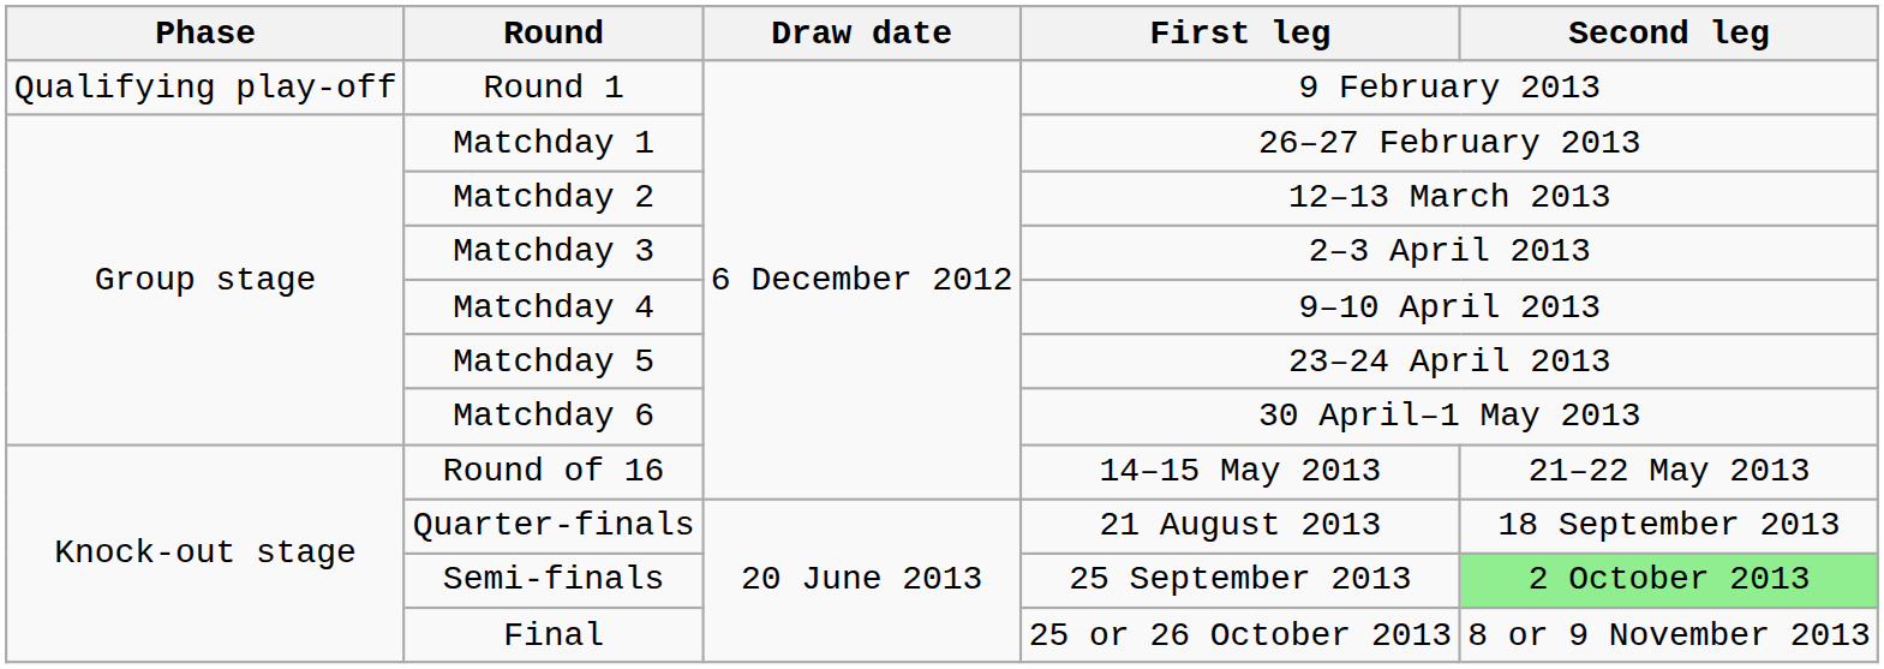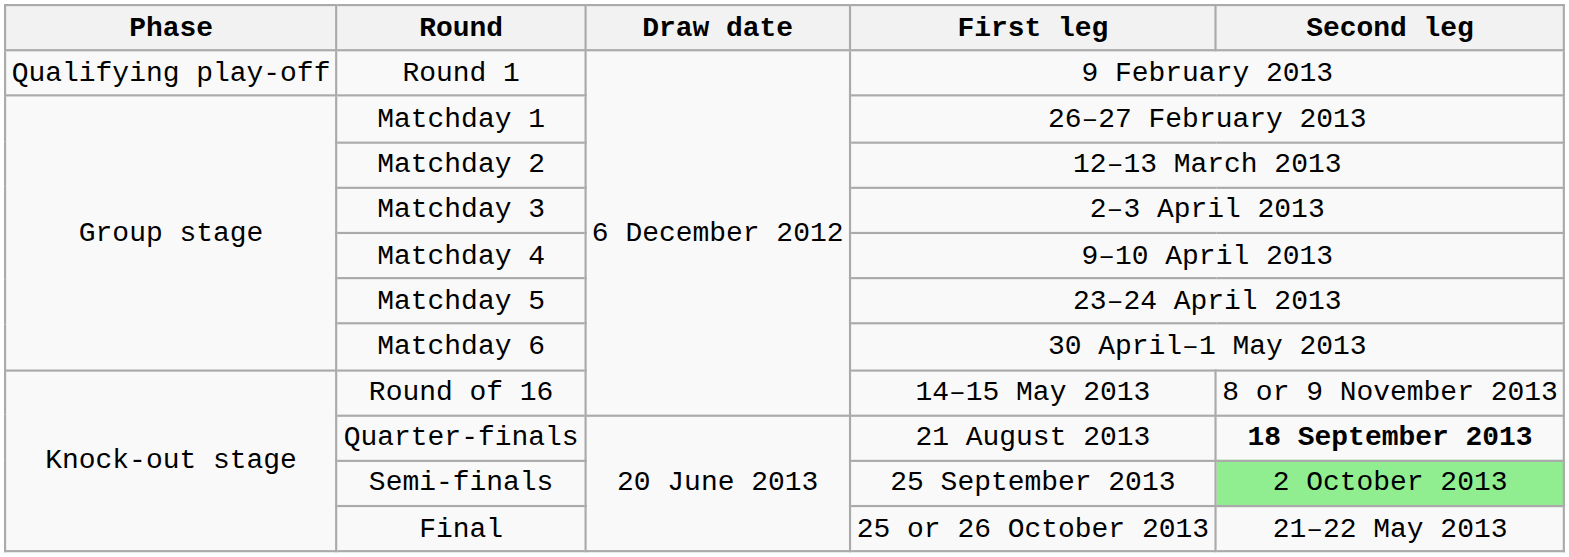 <table class="wikitable" style="text-align:center">
 <tr>
 <th>Phase</th>
 <th>Round</th>
 <th>Draw date</th>
 <th>First leg</th>
 <th>Second leg</th>
 </tr>
 <tr>
 <td>Qualifying play-off</td>
 <td>Round 1</td>
 <td rowspan=8>6 December 2012</td>
 <td colspan=2>9 February 2013</td>
 </tr>
 <tr>
 <td rowspan=6>Group stage</td>
 <td>Matchday 1</td>
 <td colspan=2>26–27 February 2013</td>
 </tr>
 <tr>
 <td>Matchday 2</td>
 <td colspan=2>12–13 March 2013</td>
 </tr>
 <tr>
 <td>Matchday 3</td>
 <td colspan=2>2–3 April 2013</td>
 </tr>
 <tr>
 <td>Matchday 4</td>
 <td colspan=2>9–10 April 2013</td>
 </tr>
 <tr>
 <td>Matchday 5</td>
 <td colspan=2>23–24 April 2013</td>
 </tr>
 <tr>
 <td>Matchday 6</td>
 <td colspan=2>30 April–1 May 2013</td>
 </tr>
 <tr>
 <td rowspan=4>Knock-out stage</td>
 <td>Round of 16</td>
 <td>14–15 May 2013</td>
-<td>21–22 May 2013</td>
+<td>8 or 9 November 2013</td>
 </tr>
 <tr>
 <td>Quarter-finals</td>
 <td rowspan=3>20 June 2013</td>
 <td>21 August 2013</td>
-<td>18 September 2013</td>
+<td><strong>18 September 2013</strong></td>
 </tr>
 <tr>
 <td>Semi-finals</td>
 <td>25 September 2013</td>
 <td style="background: lightgreen;">2 October 2013</td>
 </tr>
 <tr>
 <td>Final</td>
 <td>25 or 26 October 2013</td>
-<td>8 or 9 November 2013</td>
+<td>21–22 May 2013</td>
 </tr>
 </table>
